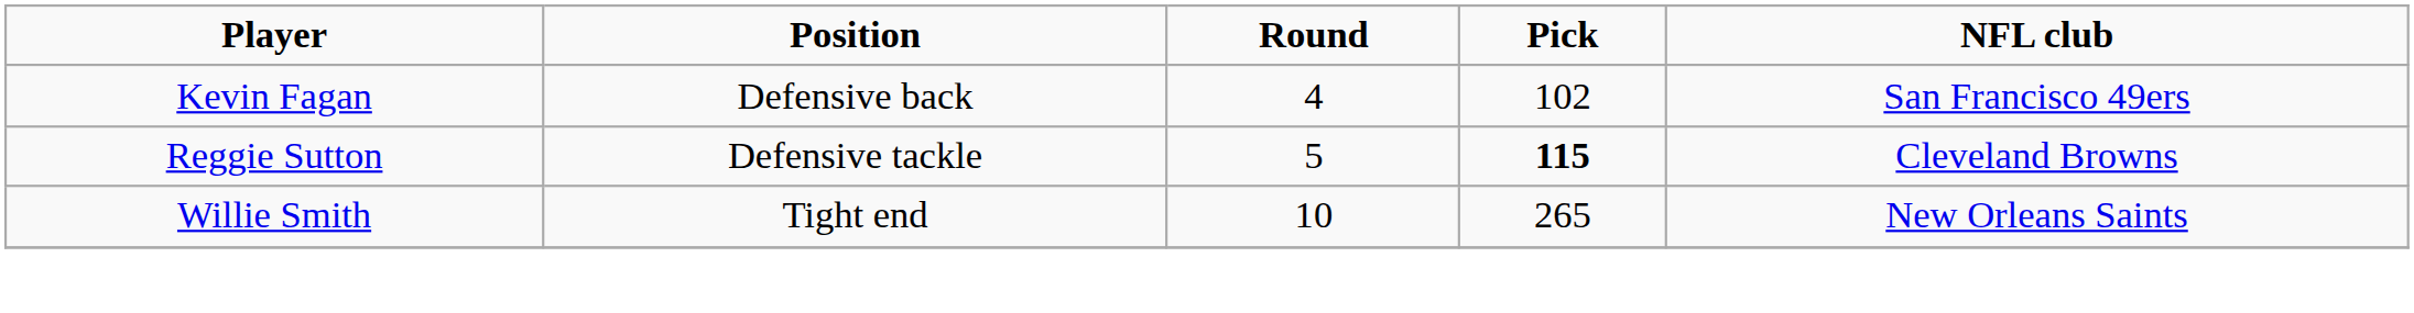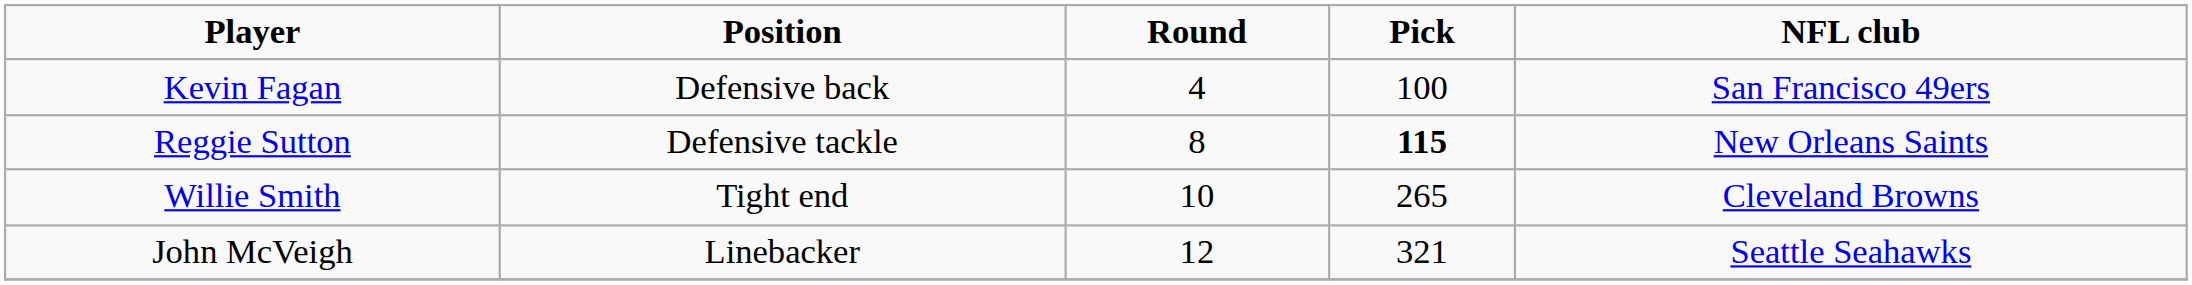 <table class="wikitable" width="80%">
 <tr align="center">
 <td><strong>Player</strong></td>
 <td><strong>Position</strong></td>
 <td><strong>Round</strong></td>
 <td><strong>Pick</strong></td>
 <td><strong>NFL club</strong></td>
 </tr>
 <tr align="center" bgcolor="">
 <td><a href='#'>Kevin Fagan</a></td>
 <td>Defensive back</td>
 <td>4</td>
-<td>102</td>
+<td>100</td>
 <td><a href='#'>San Francisco 49ers</a></td>
 </tr>
 <tr align="center" bgcolor="">
 <td><a href='#'>Reggie Sutton</a></td>
 <td>Defensive tackle</td>
-<td>5</td>
+<td>8</td>
 <td><strong>115</strong></td>
-<td><a href='#'>Cleveland Browns</a></td>
+<td><a href='#'>New Orleans Saints</a></td>
 </tr>
 <tr align="center" bgcolor="">
 <td><a href='#'>Willie Smith</a></td>
 <td>Tight end</td>
 <td>10</td>
 <td>265</td>
-<td><a href='#'>New Orleans Saints</a></td>
+<td><a href='#'>Cleveland Browns</a></td>
+</tr>
+<tr align="center" bgcolor="">
+<td>John McVeigh</td>
+<td>Linebacker</td>
+<td>12</td>
+<td>321</td>
+<td><a href='#'>Seattle Seahawks</a></td>
 </tr>
 <tr align="center" bgcolor="">
 </tr>
 </table>
